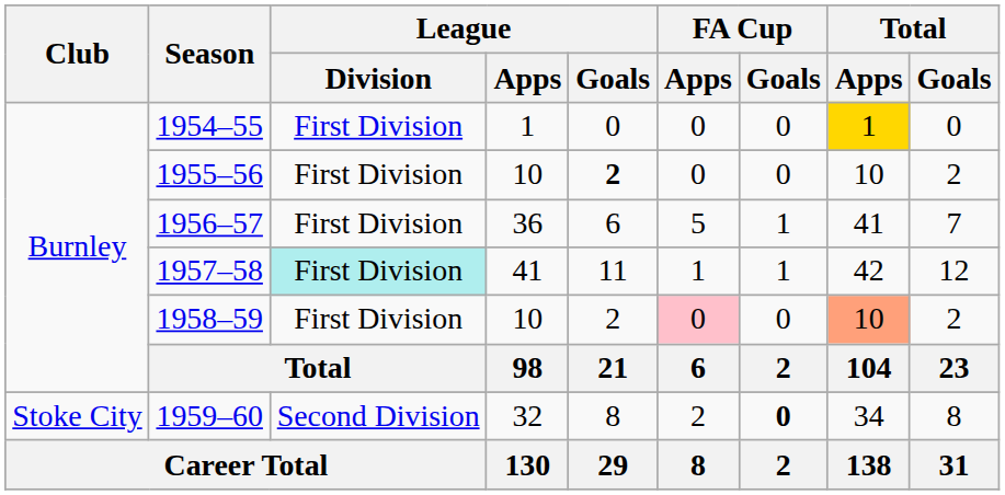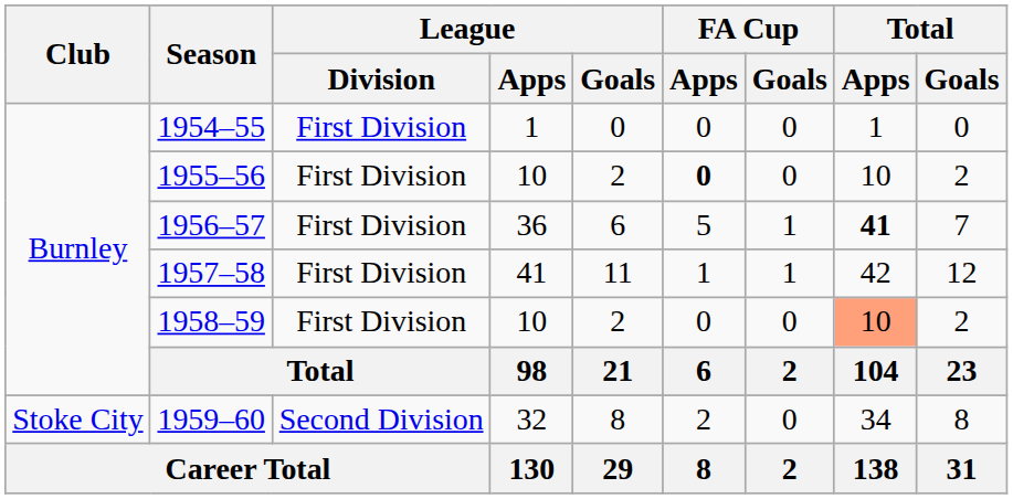 <table class="wikitable" style="text-align: center;">
 <tr>
 <th rowspan="2">Club</th>
 <th rowspan="2">Season</th>
 <th colspan="3">League</th>
 <th colspan="2">FA Cup</th>
 <th colspan="2">Total</th>
 </tr>
 <tr>
 <th>Division</th>
 <th>Apps</th>
 <th>Goals</th>
 <th>Apps</th>
 <th>Goals</th>
 <th>Apps</th>
 <th>Goals</th>
 </tr>
 <tr>
 <td rowspan="6"><a href='#'>Burnley</a></td>
 <td><a href='#'>1954–55</a></td>
 <td><a href='#'>First Division</a></td>
 <td>1</td>
 <td>0</td>
 <td>0</td>
 <td>0</td>
-<td style="background: gold;">1</td>
+<td>1</td>
 <td>0</td>
 </tr>
 <tr>
 <td><a href='#'>1955–56</a></td>
 <td>First Division</td>
 <td>10</td>
-<td><strong>2</strong></td>
-<td>0</td>
+<td>2</td>
+<td><strong>0</strong></td>
 <td>0</td>
 <td>10</td>
 <td>2</td>
 </tr>
 <tr>
 <td><a href='#'>1956–57</a></td>
 <td>First Division</td>
 <td>36</td>
 <td>6</td>
 <td>5</td>
 <td>1</td>
-<td>41</td>
+<td><strong>41</strong></td>
 <td>7</td>
 </tr>
 <tr>
 <td><a href='#'>1957–58</a></td>
-<td style="background: paleturquoise;">First Division</td>
+<td>First Division</td>
 <td>41</td>
 <td>11</td>
 <td>1</td>
 <td>1</td>
 <td>42</td>
 <td>12</td>
 </tr>
 <tr>
 <td><a href='#'>1958–59</a></td>
 <td>First Division</td>
 <td>10</td>
 <td>2</td>
-<td style="background: pink;">0</td>
+<td>0</td>
 <td>0</td>
 <td style="background: lightsalmon;">10</td>
 <td>2</td>
 </tr>
 <tr>
 <th colspan="2">Total</th>
 <th>98</th>
 <th>21</th>
 <th>6</th>
 <th>2</th>
 <th>104</th>
 <th>23</th>
 </tr>
 <tr>
 <td><a href='#'>Stoke City</a></td>
 <td><a href='#'>1959–60</a></td>
 <td><a href='#'>Second Division</a></td>
 <td>32</td>
 <td>8</td>
 <td>2</td>
-<td><strong>0</strong></td>
+<td>0</td>
 <td>34</td>
 <td>8</td>
 </tr>
 <tr>
 <th colspan="3">Career Total</th>
 <th>130</th>
 <th>29</th>
 <th>8</th>
 <th>2</th>
 <th>138</th>
 <th>31</th>
 </tr>
 </table>
